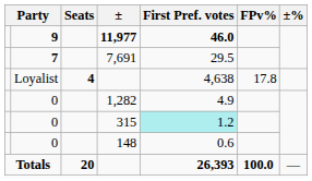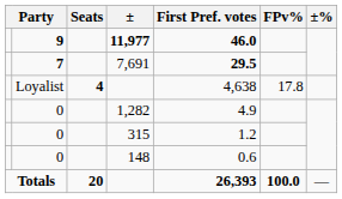 <table class=wikitable>
 <tr>
 <th colspan=2 align=center>Party</th>
 <th valign=top>Seats</th>
 <th valign=top>±</th>
 <th valign=top>First Pref. votes</th>
 <th valign=top>FPv%</th>
 <th valign=top>±%</th>
 </tr>
 <tr>
 <td></td>
 <td align=right><strong>9</strong></td>
 <td align=right></td>
 <td align=right><strong>11,977</strong></td>
 <td align=right><strong>46.0</strong></td>
 <td align=right></td>
 </tr>
 <tr>
 <td></td>
 <td align=right><strong>7</strong></td>
 <td align=right></td>
 <td align=right>7,691</td>
-<td align=right>29.5</td>
+<td align=right><strong>29.5</strong></td>
 <td align=right></td>
 </tr>
 <tr>
 <td></td>
 <td>Loyalist</td>
 <td align=right><strong>4</strong></td>
 <td align=right></td>
 <td align=right>4,638</td>
 <td align=right>17.8</td>
 <td align=right></td>
 </tr>
 <tr>
 <td></td>
 <td align=right>0</td>
 <td align=right></td>
 <td align=right>1,282</td>
 <td align=right>4.9</td>
 <td align=right></td>
 </tr>
 <tr>
 <td></td>
 <td align=right>0</td>
 <td align=right></td>
 <td align=right>315</td>
-<td align=right style="background: paleturquoise;">1.2</td>
+<td align=right>1.2</td>
 <td align=right></td>
 </tr>
 <tr>
 <td></td>
 <td align=right>0</td>
 <td align=right></td>
 <td align=right>148</td>
 <td align=right>0.6</td>
 <td align=right></td>
 </tr>
 <tr>
 <td colspan=2 align=center><strong>Totals</strong></td>
 <td align=right><strong>20</strong></td>
 <td align=center></td>
 <td align=right><strong>26,393</strong></td>
 <td align=center><strong>100.0</strong></td>
 <td align=center>—</td>
 </tr>
 </table>
